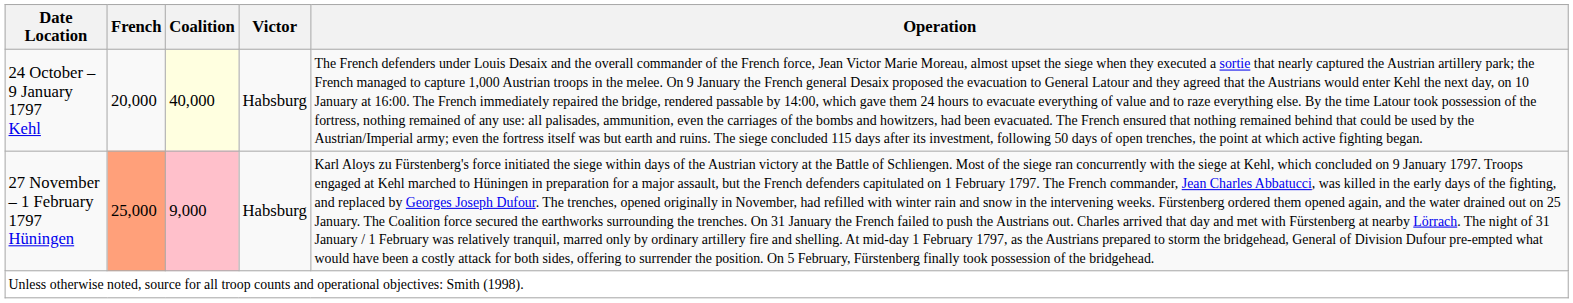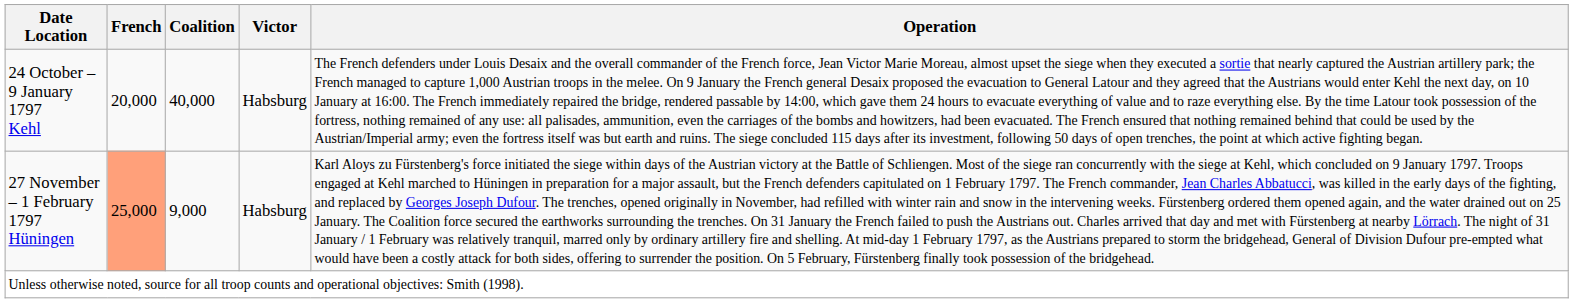 <table class="wikitable" style="width:95%; margin:auto;">
 <tr>
 <th>Date Location</th>
 <th>French</th>
 <th>Coalition</th>
 <th>Victor</th>
 <th>Operation</th>
 </tr>
 <tr>
 <td>24 October – 9 January 1797<br><a href='#'>Kehl</a></td>
 <td>20,000</td>
-<td style="background: lightyellow;">40,000</td>
+<td>40,000</td>
 <td>Habsburg</td>
 <td><small>The French defenders under Louis Desaix and the overall commander of the French force, Jean Victor Marie Moreau, almost upset the siege when they executed a <a href='#'>sortie</a> that nearly captured the Austrian artillery park; the French managed to capture 1,000 Austrian troops in the melee. On 9 January the French general Desaix proposed the evacuation to General Latour and they agreed that the Austrians would enter Kehl the next day, on 10 January at 16:00. The French immediately repaired the bridge, rendered passable by 14:00, which gave them 24 hours to evacuate everything of value and to raze everything else. By the time Latour took possession of the fortress, nothing remained of any use: all palisades, ammunition, even the carriages of the bombs and howitzers, had been evacuated. The French ensured that nothing remained behind that could be used by the Austrian/Imperial army; even the fortress itself was but earth and ruins. The siege concluded 115 days after its investment, following 50 days of open trenches, the point at which active fighting began.</small></td>
 </tr>
 <tr>
 <td>27 November – 1 February 1797<br><a href='#'>Hüningen</a></td>
 <td style="background: lightsalmon;">25,000</td>
-<td style="background: pink;">9,000</td>
+<td>9,000</td>
 <td>Habsburg</td>
 <td><small>Karl Aloys zu Fürstenberg's force initiated the siege within days of the Austrian victory at the Battle of Schliengen. Most of the siege ran concurrently with the siege at Kehl, which concluded on 9 January 1797. Troops engaged at Kehl marched to Hüningen in preparation for a major assault, but the French defenders capitulated on 1 February 1797. The French commander, <a href='#'>Jean Charles Abbatucci</a>, was killed in the early days of the fighting, and replaced by <a href='#'>Georges Joseph Dufour</a>. The trenches, opened originally in November, had refilled with winter rain and snow in the intervening weeks. Fürstenberg ordered them opened again, and the water drained out on 25 January. The Coalition force secured the earthworks surrounding the trenches. On 31 January the French failed to push the Austrians out. Charles arrived that day and met with Fürstenberg at nearby <a href='#'>Lörrach</a>. The night of 31 January / 1 February was relatively tranquil, marred only by ordinary artillery fire and shelling. At mid-day 1 February 1797, as the Austrians prepared to storm the bridgehead, General of Division Dufour pre-empted what would have been a costly attack for both sides, offering to surrender the position. On 5 February, Fürstenberg finally took possession of the bridgehead.</small></td>
 </tr>
 <tr>
 <td colspan="11" style="background:white;"><small>Unless otherwise noted, source for all troop counts and operational objectives: Smith (1998).</small></td>
 </tr>
 </table>
